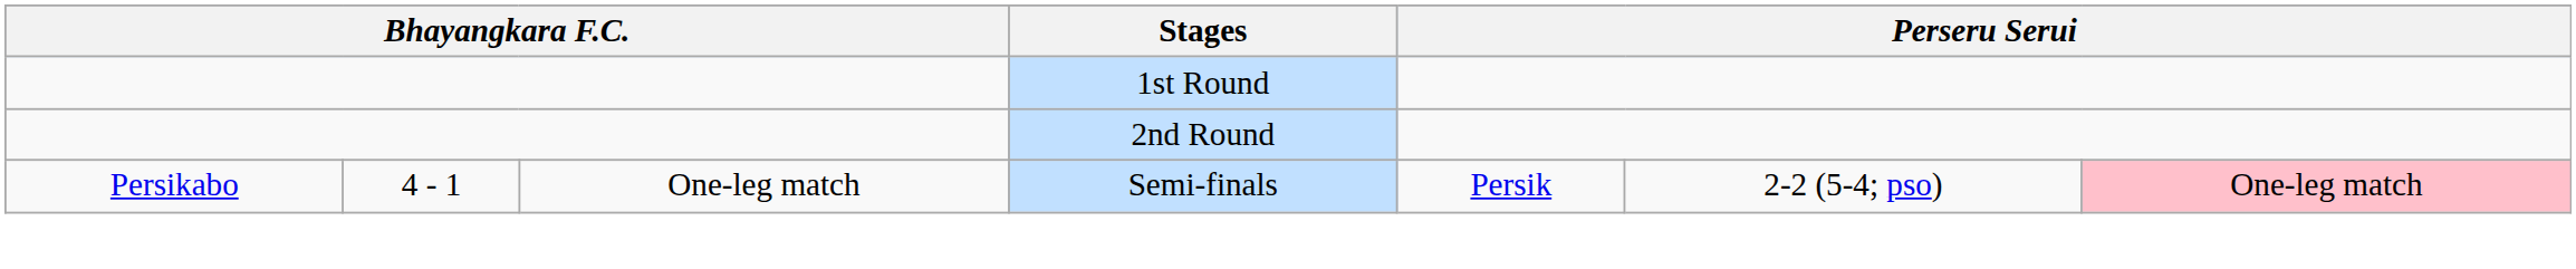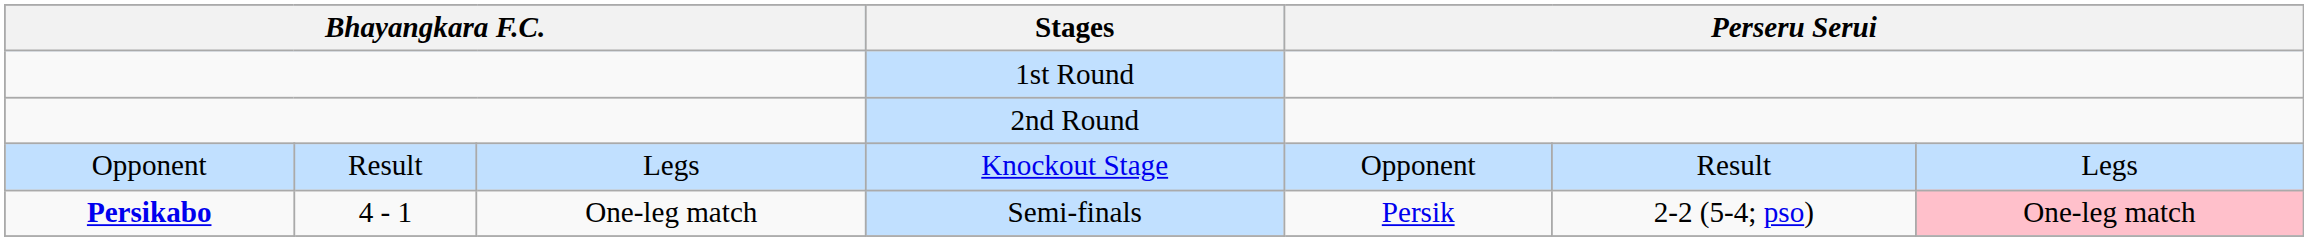 <table class="wikitable" width="100%" style="text-align:center">
 <tr valign=top bgcolor=#c1e0ff>
 <th colspan=3 style="width:1*"><em>Bhayangkara F.C.</em></th>
 <th>Stages</th>
 <th colspan=3 style="width:1*"><em>Perseru Serui</em></th>
 </tr>
 <tr>
 <td colspan="3" align=center><br> </td>
 <td bgcolor=#c1e0ff>1st Round</td>
 <td colspan=3 align=center><br> </td>
 </tr>
 <tr>
 <td colspan="3" align=center><br> </td>
 <td bgcolor=#c1e0ff>2nd Round</td>
 <td colspan=3 align=center><br> </td>
 </tr>
+<tr valign=top bgcolor=#c1e0ff>
+<td>Opponent</td>
+<td>Result</td>
+<td>Legs</td>
+<td bgcolor=#c1e0ff><a href='#'>Knockout Stage</a></td>
+<td>Opponent</td>
+<td>Result</td>
+<td>Legs</td>
+</tr>
 <tr>
-<td><a href='#'>Persikabo</a></td>
+<td><strong><a href='#'>Persikabo</a></strong></td>
 <td>4 - 1</td>
 <td>One-leg match</td>
 <td bgcolor=#c1e0ff>Semi-finals</td>
 <td><a href='#'>Persik</a></td>
 <td>2-2 (5-4; <a href='#'>pso</a>)</td>
 <td style="background: pink;">One-leg match</td>
 </tr>
 </table>
